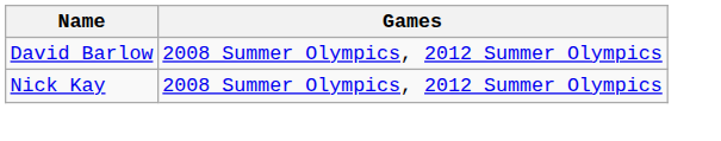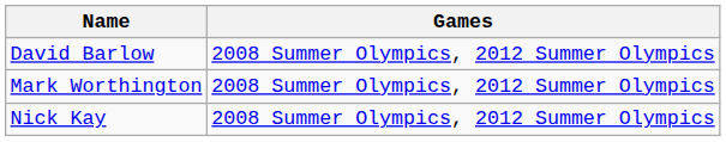 <table class= wikitable>
 <tr>
 <th width=px>Name</th>
 <th width=px>Games</th>
 </tr>
 <tr>
 <td> <a href='#'>David Barlow</a></td>
 <td><a href='#'>2008 Summer Olympics</a>, <a href='#'>2012 Summer Olympics</a></td>
 </tr>
 <tr>
+<td> <a href='#'>Mark Worthington</a></td>
+<td><a href='#'>2008 Summer Olympics</a>, <a href='#'>2012 Summer Olympics</a></td>
+</tr>
+<tr>
 <td> <a href='#'>Nick Kay</a></td>
 <td><a href='#'>2008 Summer Olympics</a>, <a href='#'>2012 Summer Olympics</a></td>
 </tr>
 </table>
